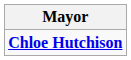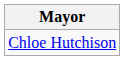 <table class="wikitable">
 <tr>
 <th>Mayor</th>
 </tr>
 <tr>
-<td><strong><a href='#'>Chloe Hutchison</a></strong></td>
+<td><a href='#'>Chloe Hutchison</a></td>
 </tr>
 </table>
